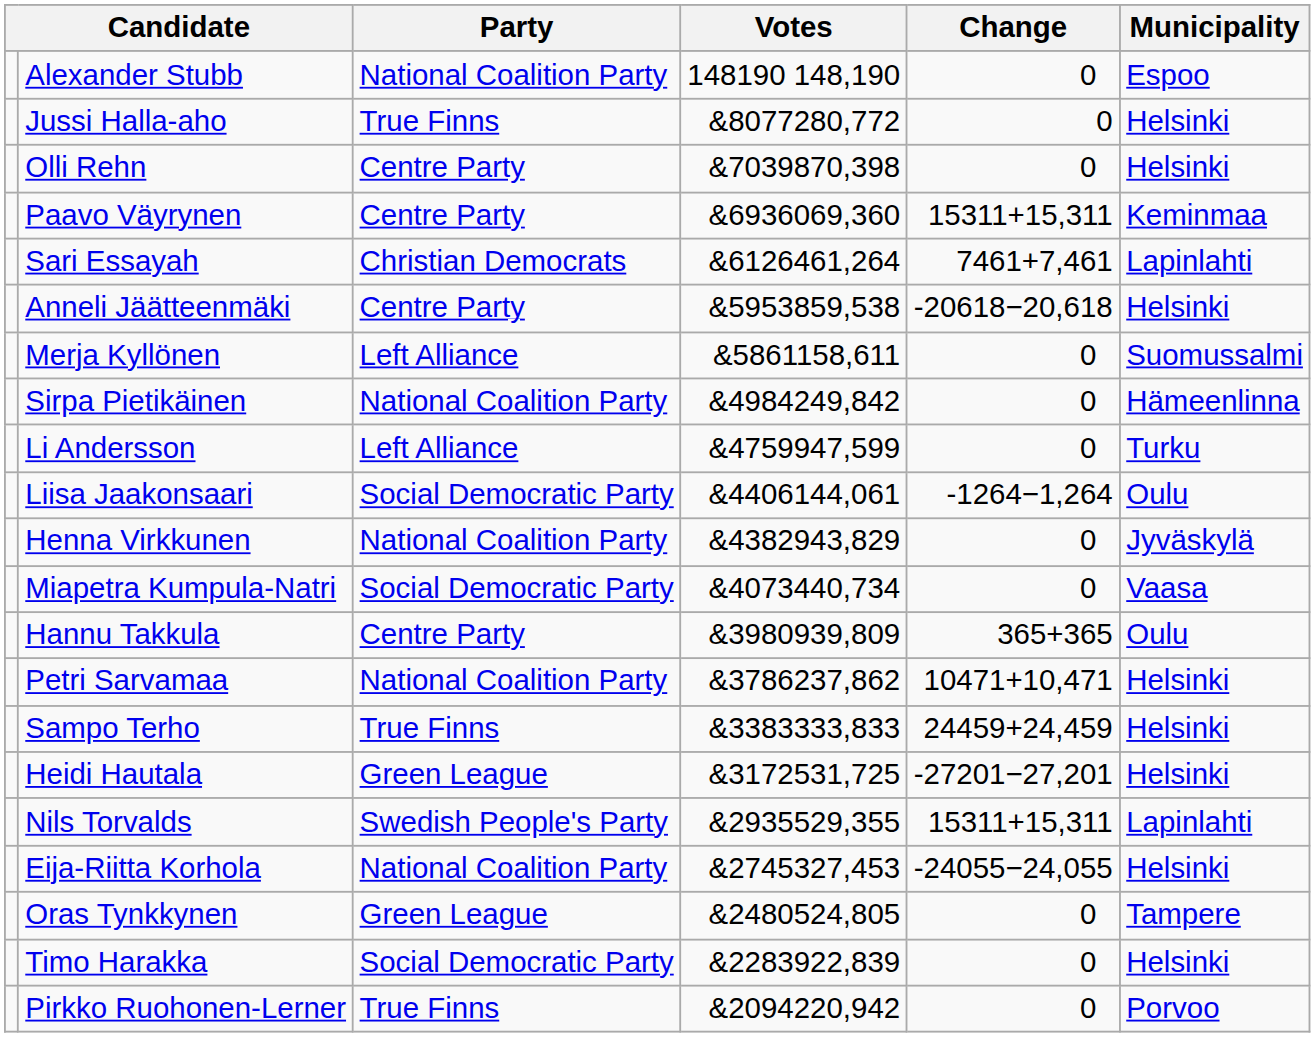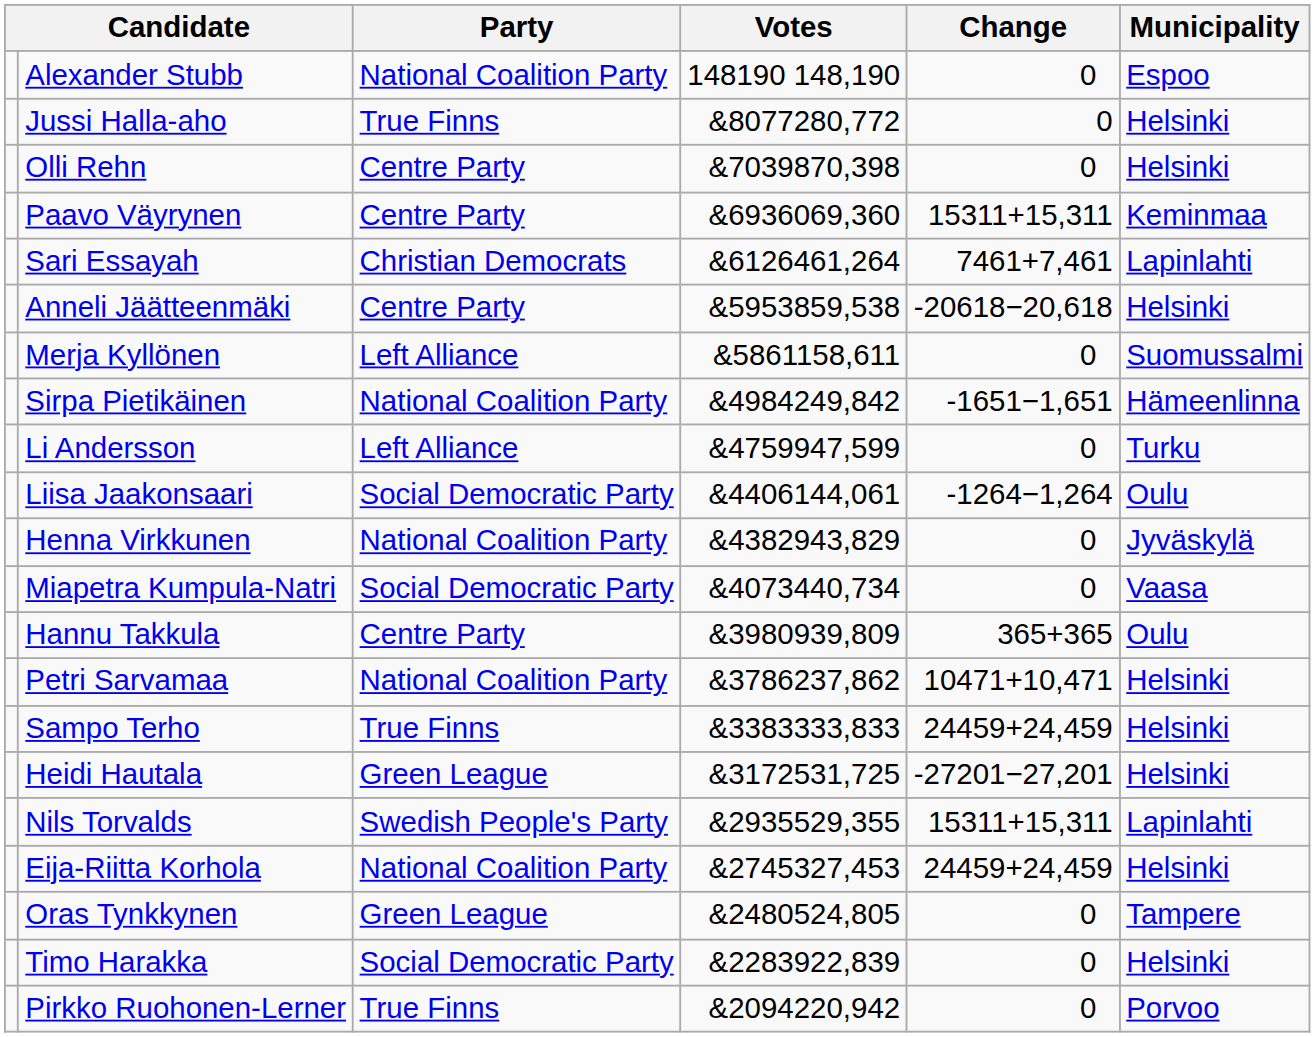 <table class="wikitable sortable">
 <tr>
 <th colspan=2>Candidate</th>
 <th>Party</th>
 <th>Votes</th>
 <th>Change</th>
 <th>Municipality</th>
 </tr>
 <tr>
 <td style="background-color: "></td>
 <td><a href='#'>Alexander Stubb</a></td>
 <td><a href='#'>National Coalition Party</a></td>
 <td align="right"><span>148190 </span>148,190</td>
 <td align="right"><span>0 </span> </td>
 <td><a href='#'>Espoo</a></td>
 </tr>
 <tr>
 <td style="background-color: "></td>
 <td><a href='#'>Jussi Halla-aho</a></td>
 <td><a href='#'>True Finns</a></td>
 <td align="right"><span>&80772</span>80,772</td>
 <td align="right"><span>0 </span></td>
 <td><a href='#'>Helsinki</a></td>
 </tr>
 <tr>
 <td style="background-color: "></td>
 <td><a href='#'>Olli Rehn</a></td>
 <td><a href='#'>Centre Party</a></td>
 <td align="right"><span>&70398</span>70,398</td>
 <td align="right"><span>0 </span> </td>
 <td><a href='#'>Helsinki</a></td>
 </tr>
 <tr>
 <td style="background-color: "></td>
 <td><a href='#'>Paavo Väyrynen</a></td>
 <td><a href='#'>Centre Party</a></td>
 <td align="right"><span>&69360</span>69,360</td>
 <td align="right"><span>15311</span>+15,311</td>
 <td><a href='#'>Keminmaa</a></td>
 </tr>
 <tr>
 <td style="background-color: "></td>
 <td><a href='#'>Sari Essayah</a></td>
 <td><a href='#'>Christian Democrats</a></td>
 <td align="right"><span>&61264</span>61,264</td>
 <td align="right"><span>7461</span>+7,461</td>
 <td><a href='#'>Lapinlahti</a></td>
 </tr>
 <tr>
 <td style="background-color: "></td>
 <td><a href='#'>Anneli Jäätteenmäki</a></td>
 <td><a href='#'>Centre Party</a></td>
 <td align="right"><span>&59538</span>59,538</td>
 <td align="right"><span>-20618</span>−20,618</td>
 <td><a href='#'>Helsinki</a></td>
 </tr>
 <tr>
 <td style="background-color: "></td>
 <td><a href='#'>Merja Kyllönen</a></td>
 <td><a href='#'>Left Alliance</a></td>
 <td align="right"><span>&58611</span>58,611</td>
 <td align="right"><span>0 </span> </td>
 <td><a href='#'>Suomussalmi</a></td>
 </tr>
 <tr>
 <td style="background-color: "></td>
 <td><a href='#'>Sirpa Pietikäinen</a></td>
 <td><a href='#'>National Coalition Party</a></td>
 <td align="right"><span>&49842</span>49,842</td>
-<td align="right"><span>0 </span> </td>
+<td align="right"><span>-1651</span>−1,651</td>
 <td><a href='#'>Hämeenlinna</a></td>
 </tr>
 <tr>
 <td style="background-color: "></td>
 <td><a href='#'>Li Andersson</a></td>
 <td><a href='#'>Left Alliance</a></td>
 <td align="right"><span>&47599</span>47,599</td>
 <td align="right"><span>0 </span> </td>
 <td><a href='#'>Turku</a></td>
 </tr>
 <tr>
 <td style="background-color: "></td>
 <td><a href='#'>Liisa Jaakonsaari</a></td>
 <td><a href='#'>Social Democratic Party</a></td>
 <td align="right"><span>&44061</span>44,061</td>
 <td align="right"><span>-1264</span>−1,264</td>
 <td><a href='#'>Oulu</a></td>
 </tr>
 <tr>
 <td style="background-color: "></td>
 <td><a href='#'>Henna Virkkunen</a></td>
 <td><a href='#'>National Coalition Party</a></td>
 <td align="right"><span>&43829</span>43,829</td>
 <td align="right"><span>0 </span> </td>
 <td><a href='#'>Jyväskylä</a></td>
 </tr>
 <tr>
 <td style="background-color: "></td>
 <td><a href='#'>Miapetra Kumpula-Natri</a></td>
 <td><a href='#'>Social Democratic Party</a></td>
 <td align="right"><span>&40734</span>40,734</td>
 <td align="right"><span>0 </span> </td>
 <td><a href='#'>Vaasa</a></td>
 </tr>
 <tr>
 <td style="background-color: "></td>
 <td><a href='#'>Hannu Takkula</a></td>
 <td><a href='#'>Centre Party</a></td>
 <td align="right"><span>&39809</span>39,809</td>
 <td align="right"><span>365</span>+365</td>
 <td><a href='#'>Oulu</a></td>
 </tr>
 <tr>
 <td style="background-color: "></td>
 <td><a href='#'>Petri Sarvamaa</a></td>
 <td><a href='#'>National Coalition Party</a></td>
 <td align="right"><span>&37862</span>37,862</td>
 <td align="right"><span>10471</span>+10,471</td>
 <td><a href='#'>Helsinki</a></td>
 </tr>
 <tr>
 <td style="background-color: "></td>
 <td><a href='#'>Sampo Terho</a></td>
 <td><a href='#'>True Finns</a></td>
 <td align="right"><span>&33833</span>33,833</td>
 <td align="right"><span>24459</span>+24,459</td>
 <td><a href='#'>Helsinki</a></td>
 </tr>
 <tr>
 <td style="background-color: "></td>
 <td><a href='#'>Heidi Hautala</a></td>
 <td><a href='#'>Green League</a></td>
 <td align="right"><span>&31725</span>31,725</td>
 <td align="right"><span>-27201</span>−27,201</td>
 <td><a href='#'>Helsinki</a></td>
 </tr>
 <tr>
 <td style="background-color: "></td>
 <td><a href='#'>Nils Torvalds</a></td>
 <td><a href='#'>Swedish People's Party</a></td>
 <td align="right"><span>&29355</span>29,355</td>
 <td align="right"><span>15311</span>+15,311</td>
 <td><a href='#'>Lapinlahti</a></td>
 </tr>
 <tr>
 <td style="background-color: "></td>
 <td><a href='#'>Eija-Riitta Korhola</a></td>
 <td><a href='#'>National Coalition Party</a></td>
 <td align="right"><span>&27453</span>27,453</td>
-<td align="right"><span>-24055</span>−24,055</td>
+<td align="right"><span>24459</span>+24,459</td>
 <td><a href='#'>Helsinki</a></td>
 </tr>
 <tr>
 <td style="background-color: "></td>
 <td><a href='#'>Oras Tynkkynen</a></td>
 <td><a href='#'>Green League</a></td>
 <td align="right"><span>&24805</span>24,805</td>
 <td align="right"><span>0 </span> </td>
 <td><a href='#'>Tampere</a></td>
 </tr>
 <tr>
 <td style="background-color: "></td>
 <td><a href='#'>Timo Harakka</a></td>
 <td><a href='#'>Social Democratic Party</a></td>
 <td align="right"><span>&22839</span>22,839</td>
 <td align="right"><span>0 </span> </td>
 <td><a href='#'>Helsinki</a></td>
 </tr>
 <tr>
 <td style="background-color: "></td>
 <td><a href='#'>Pirkko Ruohonen-Lerner</a></td>
 <td><a href='#'>True Finns</a></td>
 <td align="right"><span>&20942</span>20,942</td>
 <td align="right"><span>0 </span> </td>
 <td><a href='#'>Porvoo</a></td>
 </tr>
 </table>
